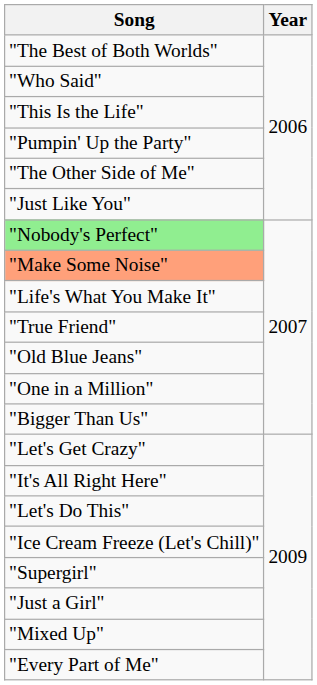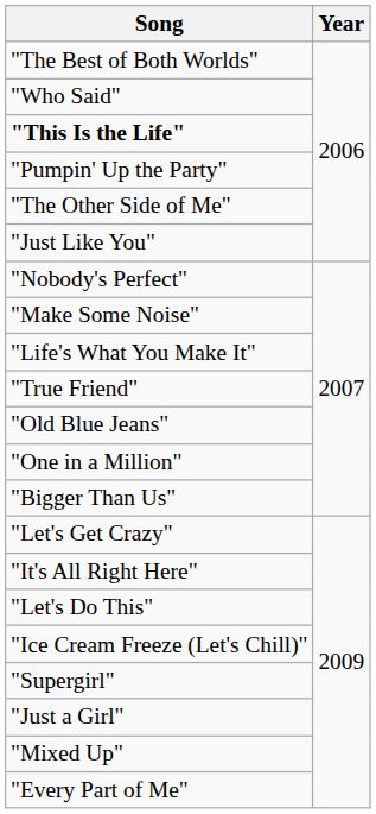 <table class="wikitable">
 <tr>
 <th>Song</th>
 <th>Year</th>
 </tr>
 <tr>
 <td>"The Best of Both Worlds"</td>
 <td rowspan="6">2006</td>
 </tr>
 <tr>
 <td>"Who Said"</td>
 </tr>
 <tr>
-<td>"This Is the Life"</td>
+<td><strong>"This Is the Life"</strong></td>
 </tr>
 <tr>
 <td>"Pumpin' Up the Party"</td>
 </tr>
 <tr>
 <td>"The Other Side of Me"</td>
 </tr>
 <tr>
 <td>"Just Like You"</td>
 </tr>
 <tr>
-<td style="background: lightgreen;">"Nobody's Perfect"</td>
+<td>"Nobody's Perfect"</td>
 <td rowspan="7">2007</td>
 </tr>
 <tr>
-<td style="background: lightsalmon;">"Make Some Noise"</td>
+<td>"Make Some Noise"</td>
 </tr>
 <tr>
 <td>"Life's What You Make It"</td>
 </tr>
 <tr>
 <td>"True Friend"</td>
 </tr>
 <tr>
 <td>"Old Blue Jeans"</td>
 </tr>
 <tr>
 <td>"One in a Million"</td>
 </tr>
 <tr>
 <td>"Bigger Than Us"</td>
 </tr>
 <tr>
 <td>"Let's Get Crazy"</td>
 <td rowspan="8">2009</td>
 </tr>
 <tr>
 <td>"It's All Right Here"</td>
 </tr>
 <tr>
 <td>"Let's Do This"</td>
 </tr>
 <tr>
 <td>"Ice Cream Freeze (Let's Chill)"</td>
 </tr>
 <tr>
 <td>"Supergirl"</td>
 </tr>
 <tr>
 <td>"Just a Girl"</td>
 </tr>
 <tr>
 <td>"Mixed Up"</td>
 </tr>
 <tr>
 <td>"Every Part of Me"</td>
 </tr>
 </table>
